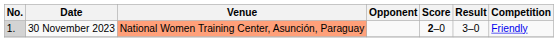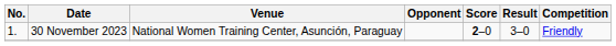 <table class="wikitable">
 <tr>
 <th>No.</th>
 <th>Date</th>
 <th>Venue</th>
 <th>Opponent</th>
 <th>Score</th>
 <th>Result</th>
 <th>Competition</th>
 </tr>
 <tr>
-<td style="background: lightgrey;">1.</td>
+<td>1.</td>
 <td>30 November 2023</td>
-<td style="background: lightsalmon;">National Women Training Center, Asunción, Paraguay</td>
+<td>National Women Training Center, Asunción, Paraguay</td>
 <td></td>
 <td align=center><strong>2</strong>–0</td>
 <td align=center>3–0</td>
 <td><a href='#'>Friendly</a></td>
 </tr>
 <tr>
 </tr>
 </table>
